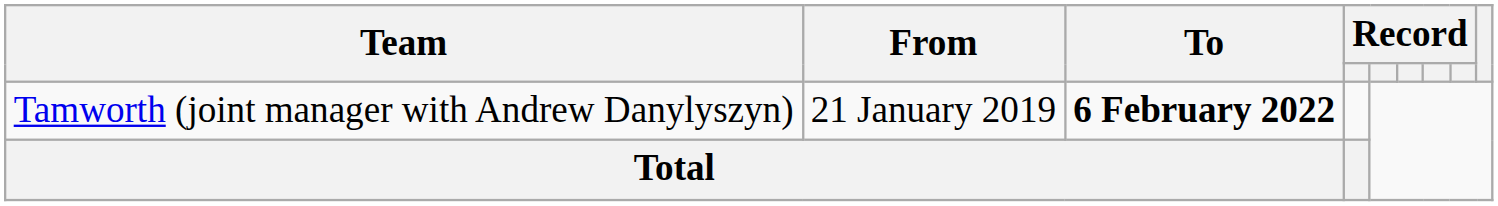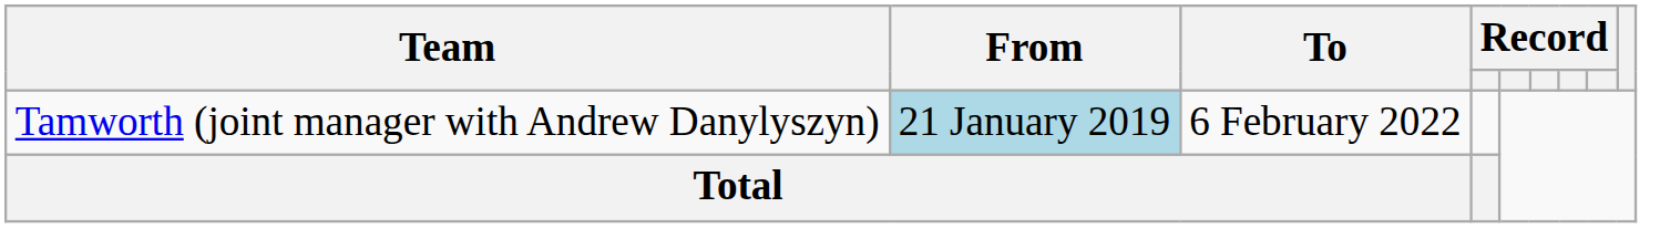 <table class=wikitable style="text-align: center">
 <tr>
 <th rowspan=2>Team</th>
 <th rowspan=2>From</th>
 <th rowspan=2>To</th>
 <th colspan=5>Record</th>
 <th rowspan=2></th>
 </tr>
 <tr>
 <th></th>
 <th></th>
 <th></th>
 <th></th>
 <th></th>
 </tr>
 <tr>
 <td align=left><a href='#'>Tamworth</a> (joint manager with Andrew Danylyszyn)</td>
-<td align=left>21 January 2019</td>
-<td align=left><strong>6 February 2022<br></strong></td>
+<td align=left style="background: lightblue;">21 January 2019</td>
+<td align=left>6 February 2022<br></td>
 <td></td>
 </tr>
 <tr>
 <th colspan=3>Total<br></th>
 <th></th>
 </tr>
 </table>
